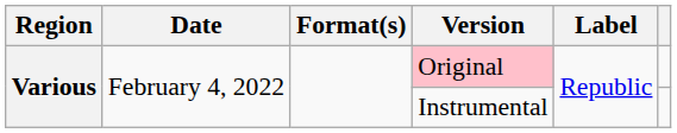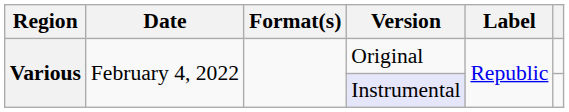 <table class="wikitable plainrowheaders">
 <tr>
 <th scope="col">Region</th>
 <th scope="col">Date</th>
 <th scope="col">Format(s)</th>
 <th scope="col">Version</th>
 <th scope="col">Label</th>
 <th scope="col"></th>
 </tr>
 <tr>
 <th scope="row" rowspan="2">Various</th>
 <td rowspan="2">February 4, 2022</td>
 <td rowspan="2"></td>
-<td style="background: pink;">Original</td>
+<td>Original</td>
 <td rowspan="2"><a href='#'>Republic</a></td>
 <td align="center"></td>
 </tr>
 <tr>
-<td>Instrumental</td>
+<td style="background: lavender;">Instrumental</td>
 <td align="center"></td>
 </tr>
 </table>
